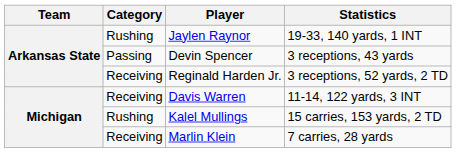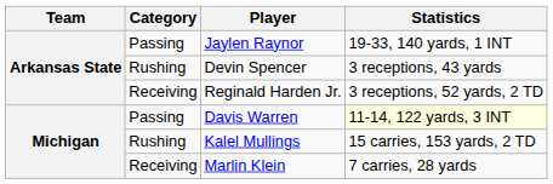 <table class="wikitable" style="float:right">
 <tr>
 <th>Team</th>
 <th>Category</th>
 <th>Player</th>
 <th>Statistics</th>
 </tr>
 <tr>
 <th rowspan=3>Arkansas State</th>
-<td>Rushing</td>
+<td>Passing</td>
 <td><a href='#'>Jaylen Raynor</a></td>
 <td>19-33, 140 yards, 1 INT</td>
 </tr>
 <tr>
-<td>Passing</td>
+<td>Rushing</td>
 <td>Devin Spencer</td>
 <td>3 receptions, 43 yards</td>
 </tr>
 <tr>
 <td>Receiving</td>
 <td>Reginald Harden Jr.</td>
 <td>3 receptions, 52 yards, 2 TD</td>
 </tr>
 <tr>
 <th rowspan=3>Michigan</th>
-<td>Receiving</td>
+<td>Passing</td>
 <td><a href='#'>Davis Warren</a></td>
-<td>11-14, 122 yards, 3 INT</td>
+<td style="background: lightyellow;">11-14, 122 yards, 3 INT</td>
 </tr>
 <tr>
 <td>Rushing</td>
 <td><a href='#'>Kalel Mullings</a></td>
 <td>15 carries, 153 yards, 2 TD</td>
 </tr>
 <tr>
 <td>Receiving</td>
 <td><a href='#'>Marlin Klein</a></td>
 <td>7 carries, 28 yards</td>
 </tr>
 </table>
